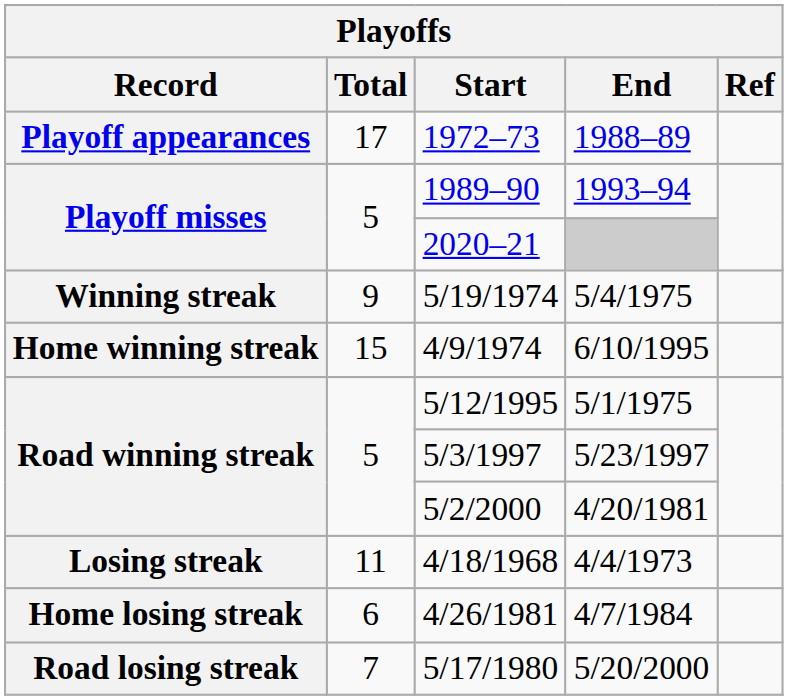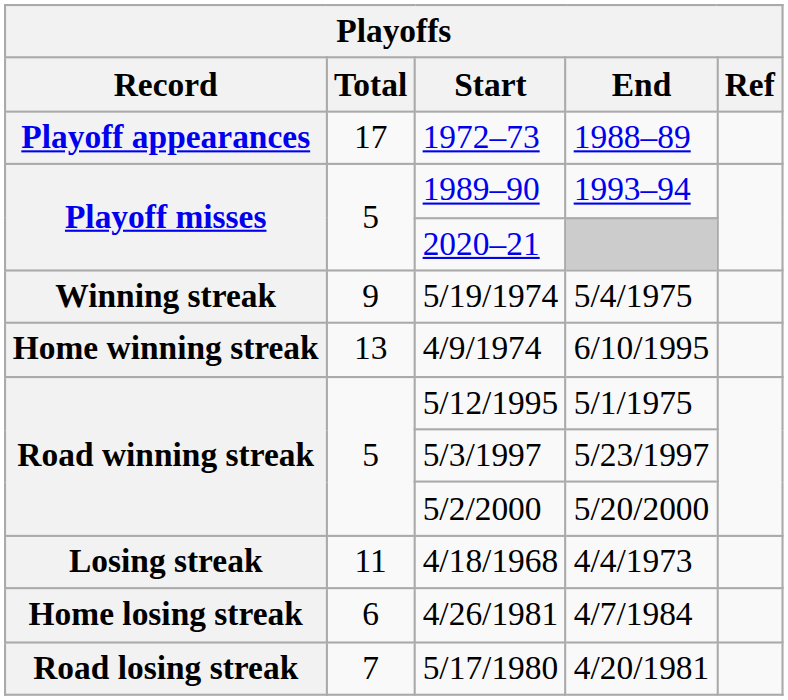 <table class="wikitable plainrowheaders">
 <tr>
 <th colspan="5" align="center">Playoffs</th>
 </tr>
 <tr>
 <th scope="col">Record</th>
 <th scope="col">Total</th>
 <th scope="col">Start</th>
 <th scope="col">End</th>
 <th scope="col">Ref</th>
 </tr>
 <tr>
 <th scope="row"><a href='#'>Playoff appearances</a></th>
 <td align="center">17</td>
 <td><a href='#'>1972–73</a></td>
 <td><a href='#'>1988–89</a></td>
 <td></td>
 </tr>
 <tr>
 <th scope="row" rowspan="2"><a href='#'>Playoff misses</a></th>
 <td align="center" rowspan="2">5</td>
 <td><a href='#'>1989–90</a></td>
 <td><a href='#'>1993–94</a></td>
 <td rowspan="2"></td>
 </tr>
 <tr>
 <td><a href='#'>2020–21</a></td>
 <td style="background:#ccc"></td>
 </tr>
 <tr>
 <th scope="row">Winning streak</th>
 <td align="center">9</td>
 <td>5/19/1974</td>
 <td>5/4/1975</td>
 <td></td>
 </tr>
 <tr>
 <th scope="row">Home winning streak</th>
-<td align="center">15</td>
+<td align="center">13</td>
 <td>4/9/1974</td>
 <td>6/10/1995</td>
 <td></td>
 </tr>
 <tr>
 <th scope="row" rowspan="3">Road winning streak</th>
 <td align="center" rowspan="3">5</td>
 <td>5/12/1995</td>
 <td>5/1/1975</td>
 <td rowspan="3"></td>
 </tr>
 <tr>
 <td>5/3/1997</td>
 <td>5/23/1997</td>
 </tr>
 <tr>
 <td>5/2/2000</td>
-<td>4/20/1981</td>
+<td>5/20/2000</td>
 </tr>
 <tr>
 <th scope="row">Losing streak</th>
 <td align="center">11</td>
 <td>4/18/1968</td>
 <td>4/4/1973</td>
 <td></td>
 </tr>
 <tr>
 <th scope="row">Home losing streak</th>
 <td align="center">6</td>
 <td>4/26/1981</td>
 <td>4/7/1984</td>
 <td></td>
 </tr>
 <tr>
 <th scope="row">Road losing streak</th>
 <td align="center">7</td>
 <td>5/17/1980</td>
-<td>5/20/2000</td>
+<td>4/20/1981</td>
 <td></td>
 </tr>
 </table>
